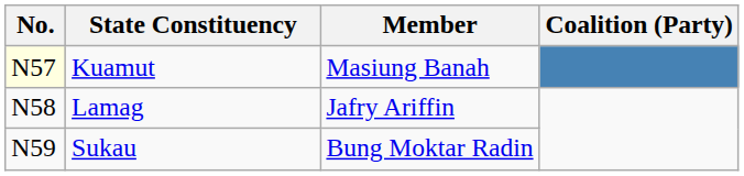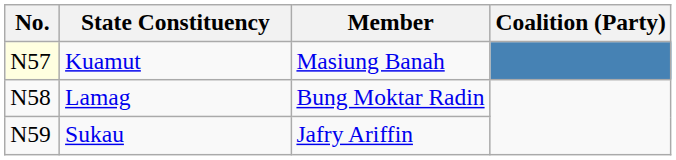 <table class="wikitable sortable">
 <tr>
 <th width="30">No.</th>
 <th width="150">State Constituency</th>
 <th>Member</th>
 <th>Coalition (Party)</th>
 </tr>
 <tr>
 <td style="background: lightyellow;">N57</td>
 <td><a href='#'>Kuamut</a></td>
 <td><a href='#'>Masiung Banah</a></td>
 <td style="background-color: #4682B4;"></td>
 </tr>
 <tr>
 <td>N58</td>
 <td><a href='#'>Lamag</a></td>
-<td><a href='#'>Jafry Ariffin</a></td>
+<td><a href='#'>Bung Moktar Radin</a></td>
 <td rowspan="2"></td>
 </tr>
 <tr>
 <td>N59</td>
 <td><a href='#'>Sukau</a></td>
-<td><a href='#'>Bung Moktar Radin</a></td>
+<td><a href='#'>Jafry Ariffin</a></td>
 </tr>
 </table>
